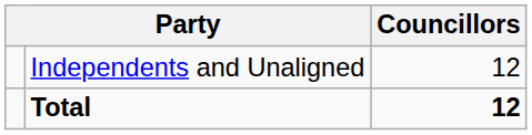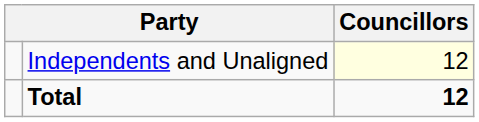 <table class="wikitable">
 <tr>
 <th colspan="2">Party</th>
 <th>Councillors</th>
 </tr>
 <tr>
 <td> </td>
 <td><a href='#'>Independents</a> and Unaligned</td>
-<td align=right>12</td>
+<td align=right style="background: lightyellow;">12</td>
 </tr>
 <tr>
 <td></td>
 <td><strong>Total</strong></td>
 <td align=right><strong>12</strong></td>
 </tr>
 </table>
